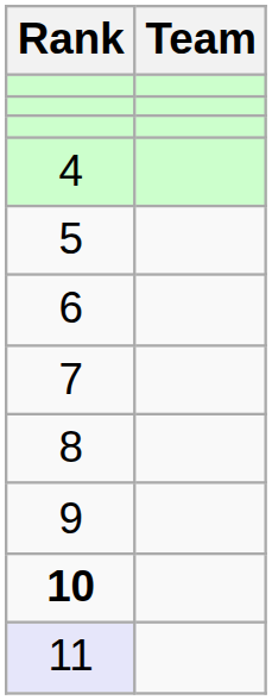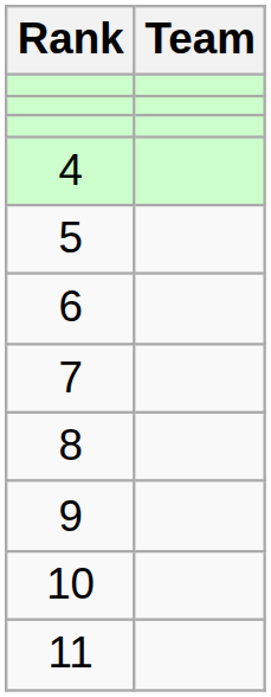 <table class="wikitable" style="text-align:center">
 <tr>
 <th width=40>Rank</th>
 <th>Team</th>
 </tr>
 <tr bgcolor=#ccffcc>
 <td></td>
 <td style="text-align:left"></td>
 </tr>
 <tr bgcolor=#ccffcc>
 <td></td>
 <td style="text-align:left"></td>
 </tr>
 <tr bgcolor=#ccffcc>
 <td></td>
 <td style="text-align:left"></td>
 </tr>
 <tr bgcolor=#ccffcc>
 <td>4</td>
 <td style="text-align:left"></td>
 </tr>
 <tr>
 <td>5</td>
 <td style="text-align:left"></td>
 </tr>
 <tr>
 <td>6</td>
 <td style="text-align:left"></td>
 </tr>
 <tr>
 <td>7</td>
 <td style="text-align:left"></td>
 </tr>
 <tr>
 <td>8</td>
 <td style="text-align:left"></td>
 </tr>
 <tr>
 <td>9</td>
 <td style="text-align:left"></td>
 </tr>
 <tr>
-<td><strong>10</strong></td>
+<td>10</td>
 <td style="text-align:left"></td>
 </tr>
 <tr>
-<td style="background: lavender;">11</td>
+<td>11</td>
 <td style="text-align:left"></td>
 </tr>
 </table>
